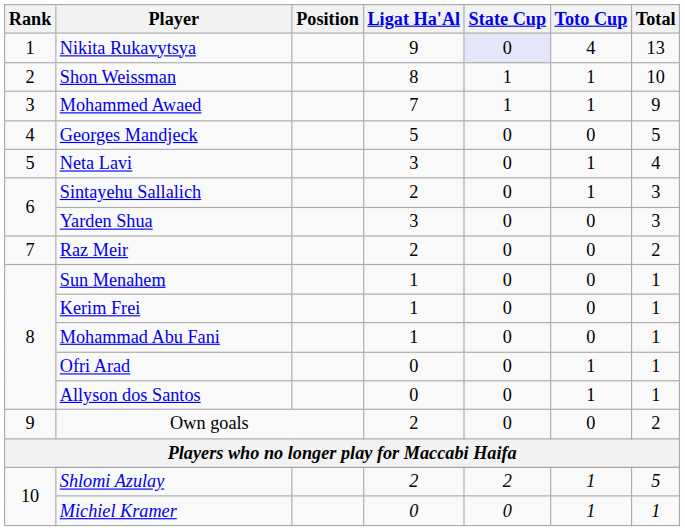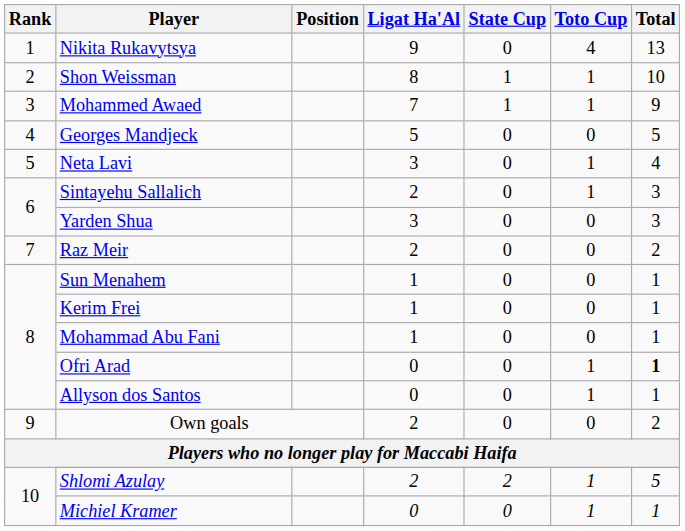 <table class="wikitable">
 <tr>
 <th>Rank</th>
 <th style="width:200px;">Player</th>
 <th>Position</th>
 <th><a href='#'>Ligat Ha'Al</a></th>
 <th><a href='#'>State Cup</a></th>
 <th><a href='#'>Toto Cup</a></th>
 <th>Total</th>
 </tr>
 <tr>
 <td align=center>1</td>
 <td> <a href='#'>Nikita Rukavytsya</a></td>
 <td align=center></td>
 <td align=center>9</td>
-<td align=center style="background: lavender;">0</td>
+<td align=center>0</td>
 <td align=center>4</td>
 <td align=center>13</td>
 </tr>
 <tr>
 <td align=center>2</td>
 <td> <a href='#'>Shon Weissman</a></td>
 <td align=center></td>
 <td align=center>8</td>
 <td align=center>1</td>
 <td align=center>1</td>
 <td align=center>10</td>
 </tr>
 <tr>
 <td align=center>3</td>
 <td> <a href='#'>Mohammed Awaed</a></td>
 <td align=center></td>
 <td align=center>7</td>
 <td align=center>1</td>
 <td align=center>1</td>
 <td align=center>9</td>
 </tr>
 <tr>
 <td align=center>4</td>
 <td> <a href='#'>Georges Mandjeck</a></td>
 <td align=center></td>
 <td align=center>5</td>
 <td align=center>0</td>
 <td align=center>0</td>
 <td align=center>5</td>
 </tr>
 <tr>
 <td align=center>5</td>
 <td> <a href='#'>Neta Lavi</a></td>
 <td align=center></td>
 <td align=center>3</td>
 <td align=center>0</td>
 <td align=center>1</td>
 <td align=center>4</td>
 </tr>
 <tr>
 <td align=center rowspan=2>6</td>
 <td> <a href='#'>Sintayehu Sallalich</a></td>
 <td align=center></td>
 <td align=center>2</td>
 <td align=center>0</td>
 <td align=center>1</td>
 <td align=center>3</td>
 </tr>
 <tr>
 <td> <a href='#'>Yarden Shua</a></td>
 <td align=center></td>
 <td align=center>3</td>
 <td align=center>0</td>
 <td align=center>0</td>
 <td align=center>3</td>
 </tr>
 <tr>
 <td align=center>7</td>
 <td> <a href='#'>Raz Meir</a></td>
 <td align=center></td>
 <td align=center>2</td>
 <td align=center>0</td>
 <td align=center>0</td>
 <td align=center>2</td>
 </tr>
 <tr>
 <td align=center rowspan=5>8</td>
 <td> <a href='#'>Sun Menahem</a></td>
 <td align=center></td>
 <td align=center>1</td>
 <td align=center>0</td>
 <td align=center>0</td>
 <td align=center>1</td>
 </tr>
 <tr>
 <td> <a href='#'>Kerim Frei</a></td>
 <td align=center></td>
 <td align=center>1</td>
 <td align=center>0</td>
 <td align=center>0</td>
 <td align=center>1</td>
 </tr>
 <tr>
 <td> <a href='#'>Mohammad Abu Fani</a></td>
 <td align=center></td>
 <td align=center>1</td>
 <td align=center>0</td>
 <td align=center>0</td>
 <td align=center>1</td>
 </tr>
 <tr>
 <td> <a href='#'>Ofri Arad</a></td>
 <td align=center></td>
 <td align=center>0</td>
 <td align=center>0</td>
 <td align=center>1</td>
-<td align=center>1</td>
+<td align=center><strong>1</strong></td>
 </tr>
 <tr>
 <td> <a href='#'>Allyson dos Santos</a></td>
 <td align=center></td>
 <td align=center>0</td>
 <td align=center>0</td>
 <td align=center>1</td>
 <td align=center>1</td>
 </tr>
 <tr>
 <td align=center>9</td>
 <td align=center colspan=2>Own goals</td>
 <td align=center>2</td>
 <td align=center>0</td>
 <td align=center>0</td>
 <td align=center>2</td>
 </tr>
 <tr>
 <th colspan=34><em>Players who no longer play for Maccabi Haifa</em></th>
 </tr>
 <tr>
 <td align=center rowspan=6>10</td>
 </tr>
 <tr>
 <td> <em><a href='#'>Shlomi Azulay</a></em></td>
 <td align=center></td>
 <td align=center><em>2</em></td>
 <td align=center><em>2</em></td>
 <td align=center><em>1</em></td>
 <td align=center><em>5</em></td>
 </tr>
 <tr>
 <td> <em><a href='#'>Michiel Kramer</a></em></td>
 <td align=center><em></em></td>
 <td align=center><em>0</em></td>
 <td align=center><em>0</em></td>
 <td align=center><em>1</em></td>
 <td align=center><em>1</em></td>
 </tr>
 </table>
